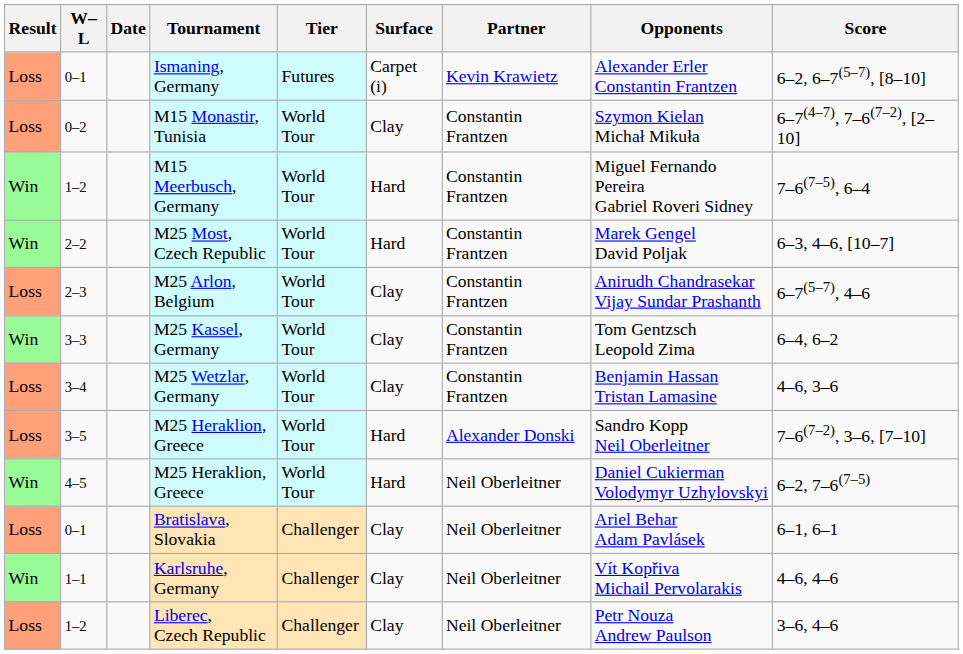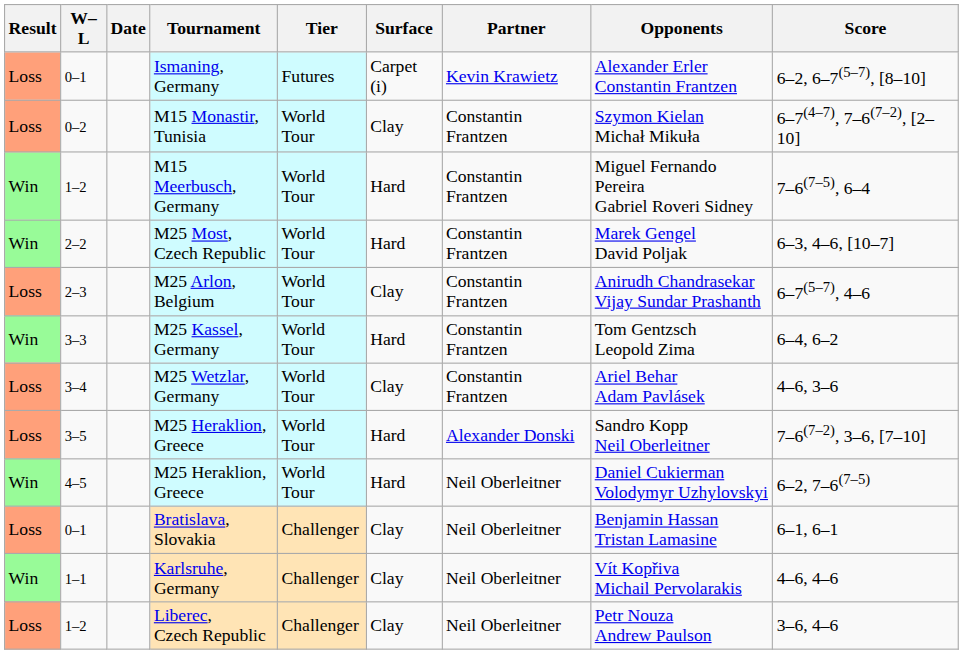 <table class="sortable wikitable nowrap">
 <tr>
 <th>Result</th>
 <th class="unsortable">W–L</th>
 <th>Date</th>
 <th>Tournament</th>
 <th>Tier</th>
 <th>Surface</th>
 <th>Partner</th>
 <th>Opponents</th>
 <th class="unsortable">Score</th>
 </tr>
 <tr>
 <td style="background:#FFA07A">Loss</td>
 <td><small>0–1</small></td>
 <td></td>
 <td style="background:#cffcff;"><a href='#'>Ismaning</a>, <br> Germany</td>
 <td style="background:#cffcff;">Futures</td>
 <td>Carpet (i)</td>
 <td> <a href='#'>Kevin Krawietz</a></td>
 <td> <a href='#'>Alexander Erler</a> <br>  <a href='#'>Constantin Frantzen</a></td>
 <td>6–2, 6–7<sup>(5–7)</sup>, [8–10]</td>
 </tr>
 <tr>
 <td style="background:#FFA07A">Loss</td>
 <td><small>0–2</small></td>
 <td></td>
 <td style="background:#cffcff;">M15 <a href='#'>Monastir</a>, <br> Tunisia</td>
 <td style="background:#cffcff;">World Tour</td>
 <td>Clay</td>
 <td> Constantin Frantzen</td>
 <td> <a href='#'>Szymon Kielan</a> <br>  Michał Mikuła</td>
 <td>6–7<sup>(4–7)</sup>, 7–6<sup>(7–2)</sup>, [2–10]</td>
 </tr>
 <tr>
 <td style="background:#98FB98">Win</td>
 <td><small>1–2</small></td>
 <td></td>
 <td style="background:#cffcff;">M15 <a href='#'>Meerbusch</a>, <br> Germany</td>
 <td style="background:#cffcff;">World Tour</td>
 <td>Hard</td>
 <td> Constantin Frantzen</td>
 <td> Miguel Fernando Pereira <br>  Gabriel Roveri Sidney</td>
 <td>7–6<sup>(7–5)</sup>, 6–4</td>
 </tr>
 <tr>
 <td style="background:#98FB98">Win</td>
 <td><small>2–2</small></td>
 <td></td>
 <td style="background:#cffcff;">M25 <a href='#'>Most</a>, <br> Czech Republic</td>
 <td style="background:#cffcff;">World Tour</td>
 <td>Hard</td>
 <td> Constantin Frantzen</td>
 <td> <a href='#'>Marek Gengel</a> <br>  David Poljak</td>
 <td>6–3, 4–6, [10–7]</td>
 </tr>
 <tr>
 <td style="background:#FFA07A">Loss</td>
 <td><small>2–3</small></td>
 <td></td>
 <td style="background:#cffcff;">M25 <a href='#'>Arlon</a>, <br> Belgium</td>
 <td style="background:#cffcff;">World Tour</td>
 <td>Clay</td>
 <td> Constantin Frantzen</td>
 <td> <a href='#'>Anirudh Chandrasekar</a> <br>  <a href='#'>Vijay Sundar Prashanth</a></td>
 <td>6–7<sup>(5–7)</sup>, 4–6</td>
 </tr>
 <tr>
 <td style="background:#98FB98">Win</td>
 <td><small>3–3</small></td>
 <td></td>
 <td style="background:#cffcff;">M25 <a href='#'>Kassel</a>, <br> Germany</td>
 <td style="background:#cffcff;">World Tour</td>
-<td>Clay</td>
+<td>Hard</td>
 <td> Constantin Frantzen</td>
 <td> Tom Gentzsch <br>  Leopold Zima</td>
 <td>6–4, 6–2</td>
 </tr>
 <tr>
 <td style="background:#FFA07A">Loss</td>
 <td><small>3–4</small></td>
 <td></td>
 <td style="background:#cffcff;">M25 <a href='#'>Wetzlar</a>, <br> Germany</td>
 <td style="background:#cffcff;">World Tour</td>
 <td>Clay</td>
 <td> Constantin Frantzen</td>
-<td> <a href='#'>Benjamin Hassan</a> <br>  <a href='#'>Tristan Lamasine</a></td>
+<td> <a href='#'>Ariel Behar</a> <br>  <a href='#'>Adam Pavlásek</a></td>
 <td>4–6, 3–6</td>
 </tr>
 <tr>
 <td style="background:#FFA07A">Loss</td>
 <td><small>3–5</small></td>
 <td></td>
 <td style="background:#cffcff;">M25 <a href='#'>Heraklion</a>, <br> Greece</td>
 <td style="background:#cffcff;">World Tour</td>
 <td>Hard</td>
 <td> <a href='#'>Alexander Donski</a></td>
 <td> Sandro Kopp <br>  <a href='#'>Neil Oberleitner</a></td>
 <td>7–6<sup>(7–2)</sup>, 3–6, [7–10]</td>
 </tr>
 <tr>
 <td style="background:#98FB98">Win</td>
 <td><small>4–5</small></td>
 <td></td>
 <td style="background:#cffcff;">M25 Heraklion, <br> Greece</td>
 <td style="background:#cffcff;">World Tour</td>
 <td>Hard</td>
 <td> Neil Oberleitner</td>
 <td> <a href='#'>Daniel Cukierman</a> <br>  <a href='#'>Volodymyr Uzhylovskyi</a></td>
 <td>6–2, 7–6<sup>(7–5)</sup></td>
 </tr>
 <tr>
 <td style="background:#FFA07A">Loss</td>
 <td><small>0–1</small></td>
 <td><a href='#'></a></td>
 <td bgcolor=moccasin><a href='#'>Bratislava</a>, <br> Slovakia</td>
 <td bgcolor=moccasin>Challenger</td>
 <td>Clay</td>
 <td> Neil Oberleitner</td>
-<td> <a href='#'>Ariel Behar</a> <br>  <a href='#'>Adam Pavlásek</a></td>
+<td> <a href='#'>Benjamin Hassan</a> <br>  <a href='#'>Tristan Lamasine</a></td>
 <td>6–1, 6–1</td>
 </tr>
 <tr>
 <td style="background:#98FB98">Win</td>
 <td><small>1–1</small></td>
 <td><a href='#'></a></td>
 <td bgcolor=moccasin><a href='#'>Karlsruhe</a>, <br> Germany</td>
 <td bgcolor=moccasin>Challenger</td>
 <td>Clay</td>
 <td> Neil Oberleitner</td>
 <td> <a href='#'>Vít Kopřiva</a> <br>  <a href='#'>Michail Pervolarakis</a></td>
 <td>4–6, 4–6</td>
 </tr>
 <tr>
 <td style="background:#FFA07A">Loss</td>
 <td><small>1–2</small></td>
 <td><a href='#'></a></td>
 <td bgcolor=moccasin><a href='#'>Liberec</a>, <br> Czech Republic</td>
 <td bgcolor=moccasin>Challenger</td>
 <td>Clay</td>
 <td> Neil Oberleitner</td>
 <td> <a href='#'>Petr Nouza</a> <br>  <a href='#'>Andrew Paulson</a></td>
 <td>3–6, 4–6</td>
 </tr>
 </table>
